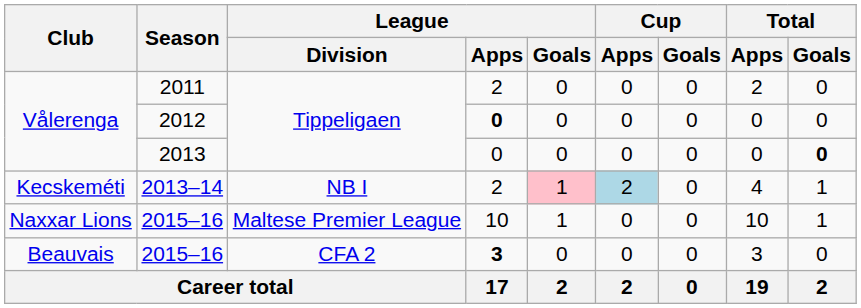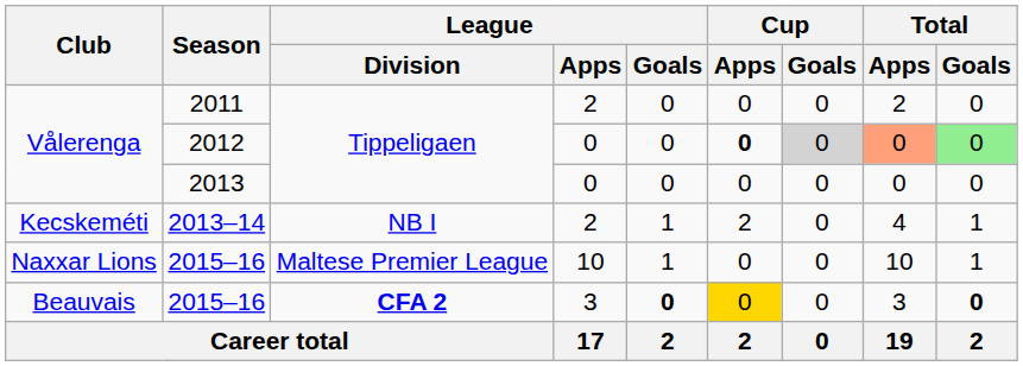 <table class="wikitable" style="text-align:center">
 <tr>
 <th rowspan="2">Club</th>
 <th rowspan="2">Season</th>
 <th colspan="3">League</th>
 <th colspan="2">Cup</th>
 <th colspan="2">Total</th>
 </tr>
 <tr>
 <th>Division</th>
 <th>Apps</th>
 <th>Goals</th>
 <th>Apps</th>
 <th>Goals</th>
 <th>Apps</th>
 <th>Goals</th>
 </tr>
 <tr>
 <td rowspan="3"><a href='#'>Vålerenga</a></td>
 <td>2011</td>
 <td rowspan="3"><a href='#'>Tippeligaen</a></td>
 <td>2</td>
 <td>0</td>
 <td>0</td>
 <td>0</td>
 <td>2</td>
 <td>0</td>
 </tr>
 <tr>
 <td>2012</td>
-<td><strong>0</strong></td>
 <td>0</td>
 <td>0</td>
-<td>0</td>
-<td>0</td>
-<td>0</td>
+<td><strong>0</strong></td>
+<td style="background: lightgrey;">0</td>
+<td style="background: lightsalmon;">0</td>
+<td style="background: lightgreen;">0</td>
 </tr>
 <tr>
 <td>2013</td>
 <td>0</td>
 <td>0</td>
 <td>0</td>
 <td>0</td>
 <td>0</td>
-<td><strong>0</strong></td>
+<td>0</td>
 </tr>
 <tr>
 <td><a href='#'>Kecskeméti</a></td>
 <td><a href='#'>2013–14</a></td>
 <td><a href='#'>NB I</a></td>
 <td>2</td>
-<td style="background: pink;">1</td>
-<td style="background: lightblue;">2</td>
+<td>1</td>
+<td>2</td>
 <td>0</td>
 <td>4</td>
 <td>1</td>
 </tr>
 <tr>
 <td><a href='#'>Naxxar Lions</a></td>
 <td><a href='#'>2015–16</a></td>
 <td><a href='#'>Maltese Premier League</a></td>
 <td>10</td>
 <td>1</td>
 <td>0</td>
 <td>0</td>
 <td>10</td>
 <td>1</td>
 </tr>
 <tr>
 <td><a href='#'>Beauvais</a></td>
 <td><a href='#'>2015–16</a></td>
-<td><a href='#'>CFA 2</a></td>
-<td><strong>3</strong></td>
-<td>0</td>
-<td>0</td>
+<td><strong><a href='#'>CFA 2</a></strong></td>
+<td>3</td>
+<td><strong>0</strong></td>
+<td style="background: gold;">0</td>
 <td>0</td>
 <td>3</td>
-<td>0</td>
+<td><strong>0</strong></td>
 </tr>
 <tr>
 <th colspan="3">Career total</th>
 <th>17</th>
 <th>2</th>
 <th>2</th>
 <th>0</th>
 <th>19</th>
 <th>2</th>
 </tr>
 </table>
